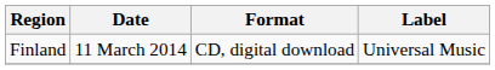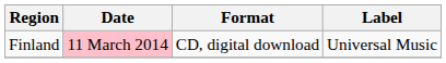 <table class=wikitable>
 <tr>
 <th>Region</th>
 <th>Date</th>
 <th>Format</th>
 <th>Label</th>
 </tr>
 <tr>
 <td>Finland</td>
-<td>11 March 2014</td>
+<td style="background: pink;">11 March 2014</td>
 <td>CD, digital download</td>
 <td>Universal Music</td>
 </tr>
 <tr>
 </tr>
 </table>
